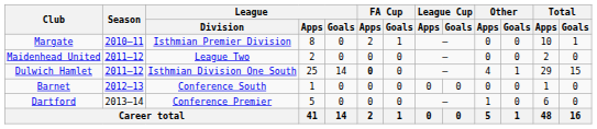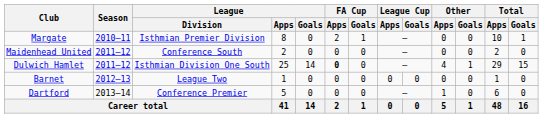 <table class="wikitable" style="text-align: center;">
 <tr>
 <th rowspan="2">Club</th>
 <th rowspan="2">Season</th>
 <th colspan="3">League</th>
 <th colspan="2">FA Cup</th>
 <th colspan="2">League Cup</th>
 <th colspan="2">Other</th>
 <th colspan="2">Total</th>
 </tr>
 <tr>
 <th>Division</th>
 <th>Apps</th>
 <th>Goals</th>
 <th>Apps</th>
 <th>Goals</th>
 <th>Apps</th>
 <th>Goals</th>
 <th>Apps</th>
 <th>Goals</th>
 <th>Apps</th>
 <th>Goals</th>
 </tr>
 <tr>
 <td><a href='#'>Margate</a></td>
 <td><a href='#'>2010–11</a></td>
 <td><a href='#'>Isthmian Premier Division</a></td>
 <td>8</td>
 <td>0</td>
 <td>2</td>
 <td>1</td>
 <td colspan="2">—</td>
 <td>0</td>
 <td>0</td>
 <td>10</td>
 <td>1</td>
 </tr>
 <tr>
 <td><a href='#'>Maidenhead United</a></td>
 <td><a href='#'>2011–12</a></td>
-<td><a href='#'>League Two</a></td>
+<td><a href='#'>Conference South</a></td>
 <td>2</td>
 <td>0</td>
 <td>0</td>
 <td>0</td>
 <td colspan="2">—</td>
 <td>0</td>
 <td>0</td>
 <td>2</td>
 <td>0</td>
 </tr>
 <tr>
 <td><a href='#'>Dulwich Hamlet</a></td>
 <td><a href='#'>2011–12</a></td>
 <td><a href='#'>Isthmian Division One South</a></td>
 <td>25</td>
 <td>14</td>
 <td><strong>0</strong></td>
 <td>0</td>
 <td colspan="2">—</td>
 <td>4</td>
 <td>1</td>
 <td>29</td>
 <td>15</td>
 </tr>
 <tr>
 <td><a href='#'>Barnet</a></td>
 <td><a href='#'>2012–13</a></td>
-<td><a href='#'>Conference South</a></td>
+<td><a href='#'>League Two</a></td>
 <td>1</td>
 <td>0</td>
 <td>0</td>
 <td>0</td>
 <td>0</td>
 <td>0</td>
 <td>0</td>
 <td>0</td>
 <td>1</td>
 <td>0</td>
 </tr>
 <tr>
 <td><a href='#'>Dartford</a></td>
 <td>2013–14</td>
 <td><a href='#'>Conference Premier</a></td>
 <td>5</td>
 <td>0</td>
 <td>0</td>
 <td>0</td>
 <td colspan="2">—</td>
 <td>1</td>
 <td>0</td>
 <td>6</td>
 <td>0</td>
 </tr>
 <tr>
 <th colspan="3">Career total</th>
 <th>41</th>
 <th>14</th>
 <th>2</th>
 <th>1</th>
 <th>0</th>
 <th>0</th>
 <th>5</th>
 <th>1</th>
 <th>48</th>
 <th>16</th>
 </tr>
 </table>
